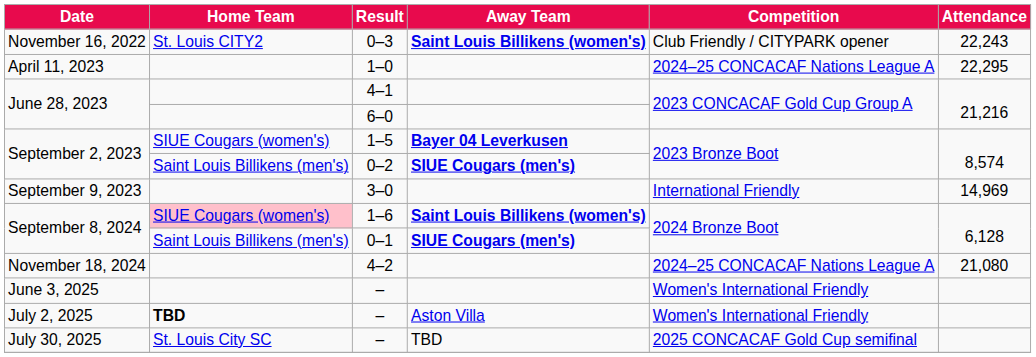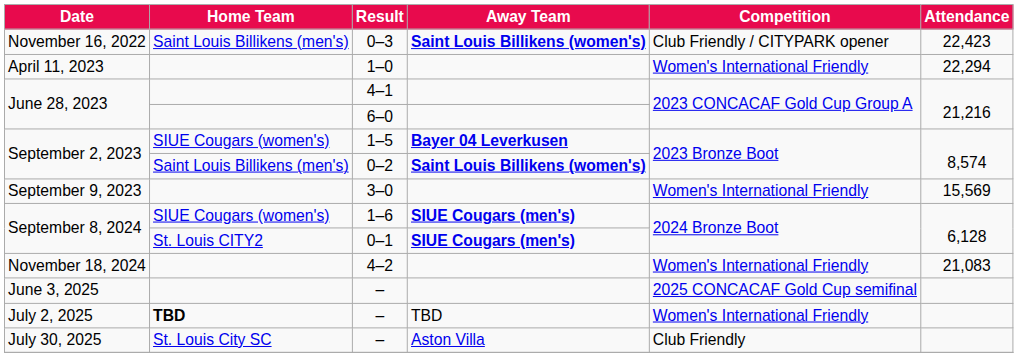 <table class="wikitable">
 <tr>
 <th style="text-align:center;  background:#E80A4D; color:#FFFFFF; ">Date</th>
 <th style="text-align:center;  background:#E80A4D; color:#FFFFFF; ">Home Team</th>
 <th style="text-align:center;  background:#E80A4D; color:#FFFFFF; ">Result</th>
 <th style="text-align:center; background:#E80A4D; color:#FFFFFF; ">Away Team</th>
 <th style="text-align:center;  background:#E80A4D; color:#FFFFFF; ">Competition</th>
 <th style="text-align:center; background:#E80A4D; color:#FFFFFF; ">Attendance</th>
 </tr>
 <tr>
 <td>November 16, 2022</td>
-<td><a href='#'>St. Louis CITY2</a> </td>
+<td><a href='#'>Saint Louis Billikens (men's)</a></td>
 <td style="text-align:center;">0–3</td>
 <td><strong><a href='#'>Saint Louis Billikens (women's)</a></strong></td>
 <td>Club Friendly / CITYPARK opener</td>
-<td style="text-align:center;">22,243</td>
+<td style="text-align:center;">22,423</td>
 </tr>
 <tr>
 <td>April 11, 2023</td>
 <td><strong></strong></td>
 <td style="text-align:center;">1–0</td>
 <td></td>
-<td><a href='#'>2024–25 CONCACAF Nations League A</a></td>
-<td style="text-align:center;">22,295</td>
+<td><a href='#'>Women's International Friendly</a></td>
+<td style="text-align:center;">22,294</td>
 </tr>
 <tr>
 <td rowspan=2>June 28, 2023</td>
 <td><strong></strong></td>
 <td style="text-align:center;">4–1</td>
 <td></td>
 <td rowspan=2><a href='#'>2023 CONCACAF Gold Cup Group A</a></td>
 <td rowspan=2 style="text-align:center;"><br>21,216</td>
 </tr>
 <tr>
 <td><strong></strong></td>
 <td style="text-align:center;">6–0</td>
 <td></td>
 </tr>
 <tr>
 <td rowspan=2>September 2, 2023</td>
 <td><a href='#'>SIUE Cougars (women's)</a></td>
 <td style="text-align:center;">1–5</td>
 <td> <strong><a href='#'>Bayer 04 Leverkusen</a></strong></td>
 <td rowspan=2><a href='#'>2023 Bronze Boot</a></td>
 <td rowspan=2 style="text-align:center;"><br>8,574</td>
 </tr>
 <tr>
 <td><a href='#'>Saint Louis Billikens (men's)</a></td>
 <td style="text-align:center;">0–2</td>
-<td><strong><a href='#'>SIUE Cougars (men's)</a></strong></td>
+<td><strong><a href='#'>Saint Louis Billikens (women's)</a></strong></td>
 </tr>
 <tr>
 <td>September 9, 2023</td>
 <td><strong></strong></td>
 <td style="text-align:center;">3–0</td>
 <td></td>
-<td><a href='#'>International Friendly</a></td>
-<td style="text-align:center;">14,969</td>
+<td><a href='#'>Women's International Friendly</a></td>
+<td style="text-align:center;">15,569</td>
 </tr>
 <tr>
 <td rowspan=2>September 8, 2024</td>
-<td style="background: pink;"><a href='#'>SIUE Cougars (women's)</a></td>
+<td><a href='#'>SIUE Cougars (women's)</a></td>
 <td style="text-align:center;">1–6</td>
-<td><strong><a href='#'>Saint Louis Billikens (women's)</a></strong></td>
+<td><strong><a href='#'>SIUE Cougars (men's)</a></strong></td>
 <td rowspan=2><a href='#'>2024 Bronze Boot</a></td>
 <td rowspan=2 style="text-align:center;"><br>6,128</td>
 </tr>
 <tr>
-<td><a href='#'>Saint Louis Billikens (men's)</a></td>
+<td><a href='#'>St. Louis CITY2</a> </td>
 <td style="text-align:center;">0–1</td>
 <td><strong><a href='#'>SIUE Cougars (men's)</a></strong></td>
 </tr>
 <tr>
 <td>November 18, 2024</td>
 <td><strong></strong></td>
 <td style="text-align:center;">4–2</td>
 <td></td>
-<td><a href='#'>2024–25 CONCACAF Nations League A</a></td>
-<td style="text-align:center;">21,080</td>
+<td><a href='#'>Women's International Friendly</a></td>
+<td style="text-align:center;">21,083</td>
 </tr>
 <tr>
 <td>June 3, 2025</td>
 <td></td>
 <td style="text-align:center;">–</td>
 <td></td>
-<td><a href='#'>Women's International Friendly</a></td>
+<td><a href='#'>2025 CONCACAF Gold Cup semifinal</a></td>
 <td style="text-align:center;"></td>
 </tr>
 <tr>
 <td>July 2, 2025</td>
 <td><strong>TBD</strong></td>
 <td style="text-align:center;">–</td>
-<td> <a href='#'>Aston Villa</a></td>
+<td>TBD</td>
 <td><a href='#'>Women's International Friendly</a></td>
 <td style="text-align:center;"></td>
 </tr>
 <tr>
 <td>July 30, 2025</td>
 <td><a href='#'>St. Louis City SC</a> </td>
 <td style="text-align:center;">–</td>
-<td>TBD</td>
-<td><a href='#'>2025 CONCACAF Gold Cup semifinal</a></td>
+<td> <a href='#'>Aston Villa</a></td>
+<td>Club Friendly</td>
 <td style="text-align:center;"></td>
 </tr>
 <tr>
 </tr>
 </table>
